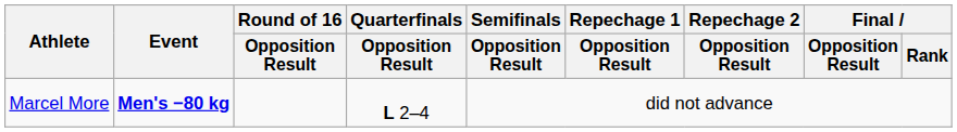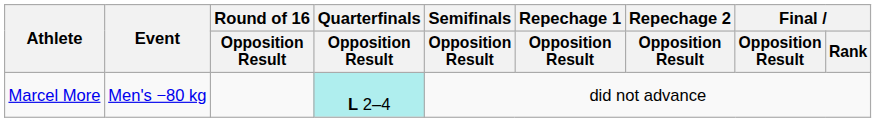 <table class="wikitable" style="font-size:90%;">
 <tr>
 <th rowspan=2>Athlete</th>
 <th rowspan=2>Event</th>
 <th>Round of 16</th>
 <th>Quarterfinals</th>
 <th>Semifinals</th>
 <th>Repechage 1</th>
 <th>Repechage 2</th>
 <th colspan=2>Final / </th>
 </tr>
 <tr style="font-size:95%">
 <th>Opposition<br>Result</th>
 <th>Opposition<br>Result</th>
 <th>Opposition<br>Result</th>
 <th>Opposition<br>Result</th>
 <th>Opposition<br>Result</th>
 <th>Opposition<br>Result</th>
 <th>Rank</th>
 </tr>
 <tr align=center>
 <td align=left><a href='#'>Marcel More</a></td>
-<td align=left><strong><a href='#'>Men's −80 kg</a></strong></td>
+<td align=left><a href='#'>Men's −80 kg</a></td>
 <td></td>
-<td><br><strong>L</strong> 2–4</td>
+<td style="background: paleturquoise;"><br><strong>L</strong> 2–4</td>
 <td colspan=6>did not advance</td>
 </tr>
 </table>
